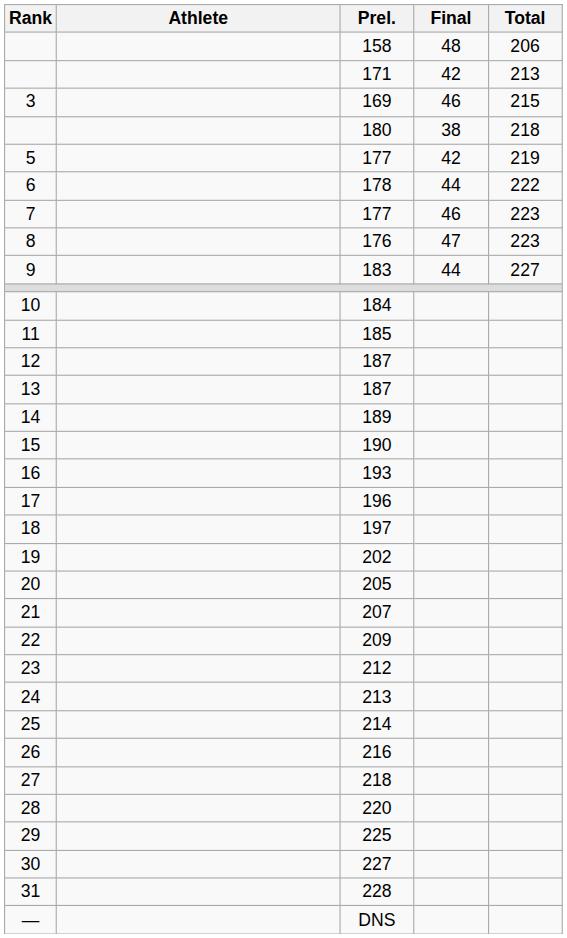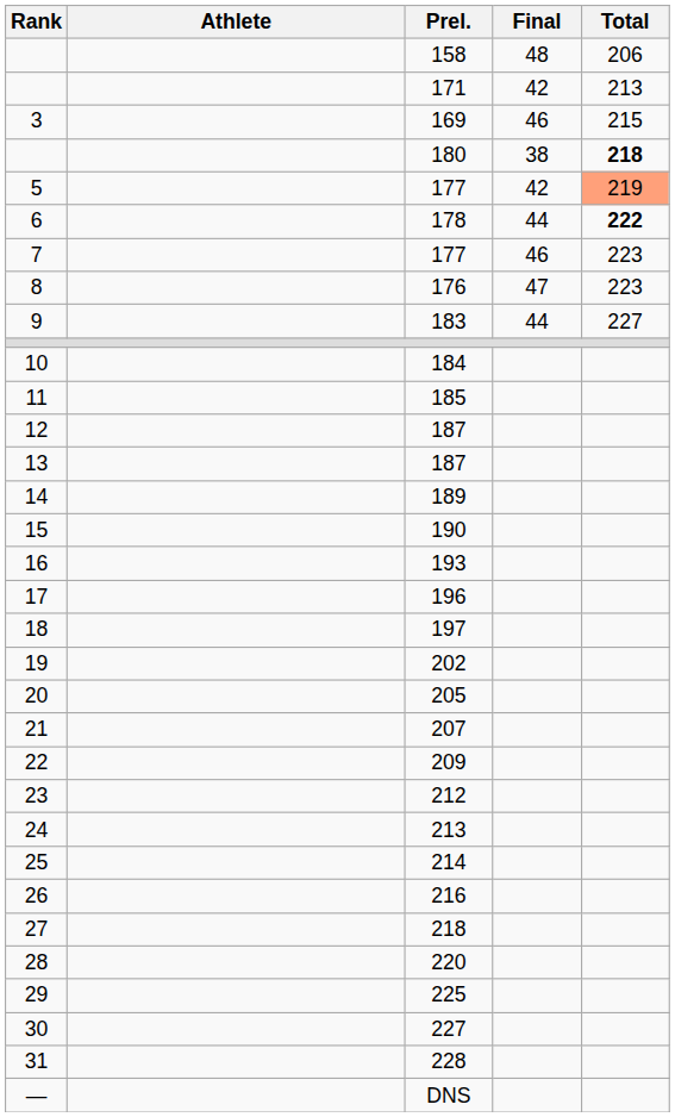 <table class=wikitable style="text-align:center">
 <tr>
 <th width=40>Rank</th>
 <th width=250>Athlete</th>
 <th width=60>Prel.</th>
 <th width=60>Final</th>
 <th width=60>Total</th>
 </tr>
 <tr>
 <td></td>
 <td align=left></td>
 <td>158</td>
 <td>48</td>
 <td>206</td>
 </tr>
 <tr>
 <td></td>
 <td align=left></td>
 <td>171</td>
 <td>42</td>
 <td>213</td>
 </tr>
 <tr>
 <td>3</td>
 <td align=left></td>
 <td>169</td>
 <td>46</td>
 <td>215</td>
 </tr>
 <tr>
 <td></td>
 <td align=left></td>
 <td>180</td>
 <td>38</td>
-<td>218</td>
+<td><strong>218</strong></td>
 </tr>
 <tr>
 <td>5</td>
 <td align=left></td>
 <td>177</td>
 <td>42</td>
-<td>219</td>
+<td style="background: lightsalmon;">219</td>
 </tr>
 <tr>
 <td>6</td>
 <td align=left></td>
 <td>178</td>
 <td>44</td>
-<td>222</td>
+<td><strong>222</strong></td>
 </tr>
 <tr>
 <td>7</td>
 <td align=left></td>
 <td>177</td>
 <td>46</td>
 <td>223</td>
 </tr>
 <tr>
 <td>8</td>
 <td align=left></td>
 <td>176</td>
 <td>47</td>
 <td>223</td>
 </tr>
 <tr>
 <td>9</td>
 <td align=left></td>
 <td>183</td>
 <td>44</td>
 <td>227</td>
 </tr>
 <tr bgcolor=#DDDDDD>
 <td colspan=5></td>
 </tr>
 <tr>
 <td>10</td>
 <td align=left></td>
 <td>184</td>
 <td></td>
 <td></td>
 </tr>
 <tr>
 <td>11</td>
 <td align=left></td>
 <td>185</td>
 <td></td>
 <td></td>
 </tr>
 <tr>
 <td>12</td>
 <td align=left></td>
 <td>187</td>
 <td></td>
 <td></td>
 </tr>
 <tr>
 <td>13</td>
 <td align=left></td>
 <td>187</td>
 <td></td>
 <td></td>
 </tr>
 <tr>
 <td>14</td>
 <td align=left></td>
 <td>189</td>
 <td></td>
 <td></td>
 </tr>
 <tr>
 <td>15</td>
 <td align=left></td>
 <td>190</td>
 <td></td>
 <td></td>
 </tr>
 <tr>
 <td>16</td>
 <td align=left></td>
 <td>193</td>
 <td></td>
 <td></td>
 </tr>
 <tr>
 <td>17</td>
 <td align=left></td>
 <td>196</td>
 <td></td>
 <td></td>
 </tr>
 <tr>
 <td>18</td>
 <td align=left></td>
 <td>197</td>
 <td></td>
 <td></td>
 </tr>
 <tr>
 <td>19</td>
 <td align=left></td>
 <td>202</td>
 <td></td>
 <td></td>
 </tr>
 <tr>
 <td>20</td>
 <td align=left></td>
 <td>205</td>
 <td></td>
 <td></td>
 </tr>
 <tr>
 <td>21</td>
 <td align=left></td>
 <td>207</td>
 <td></td>
 <td></td>
 </tr>
 <tr>
 <td>22</td>
 <td align=left></td>
 <td>209</td>
 <td></td>
 <td></td>
 </tr>
 <tr>
 <td>23</td>
 <td align=left></td>
 <td>212</td>
 <td></td>
 <td></td>
 </tr>
 <tr>
 <td>24</td>
 <td align=left></td>
 <td>213</td>
 <td></td>
 <td></td>
 </tr>
 <tr>
 <td>25</td>
 <td align=left></td>
 <td>214</td>
 <td></td>
 <td></td>
 </tr>
 <tr>
 <td>26</td>
 <td align=left></td>
 <td>216</td>
 <td></td>
 <td></td>
 </tr>
 <tr>
 <td>27</td>
 <td align=left></td>
 <td>218</td>
 <td></td>
 <td></td>
 </tr>
 <tr>
 <td>28</td>
 <td align=left></td>
 <td>220</td>
 <td></td>
 <td></td>
 </tr>
 <tr>
 <td>29</td>
 <td align=left></td>
 <td>225</td>
 <td></td>
 <td></td>
 </tr>
 <tr>
 <td>30</td>
 <td align=left></td>
 <td>227</td>
 <td></td>
 <td></td>
 </tr>
 <tr>
 <td>31</td>
 <td align=left></td>
 <td>228</td>
 <td></td>
 <td></td>
 </tr>
 <tr>
 <td>—</td>
 <td align=left></td>
 <td>DNS</td>
 <td></td>
 <td></td>
 </tr>
 </table>
